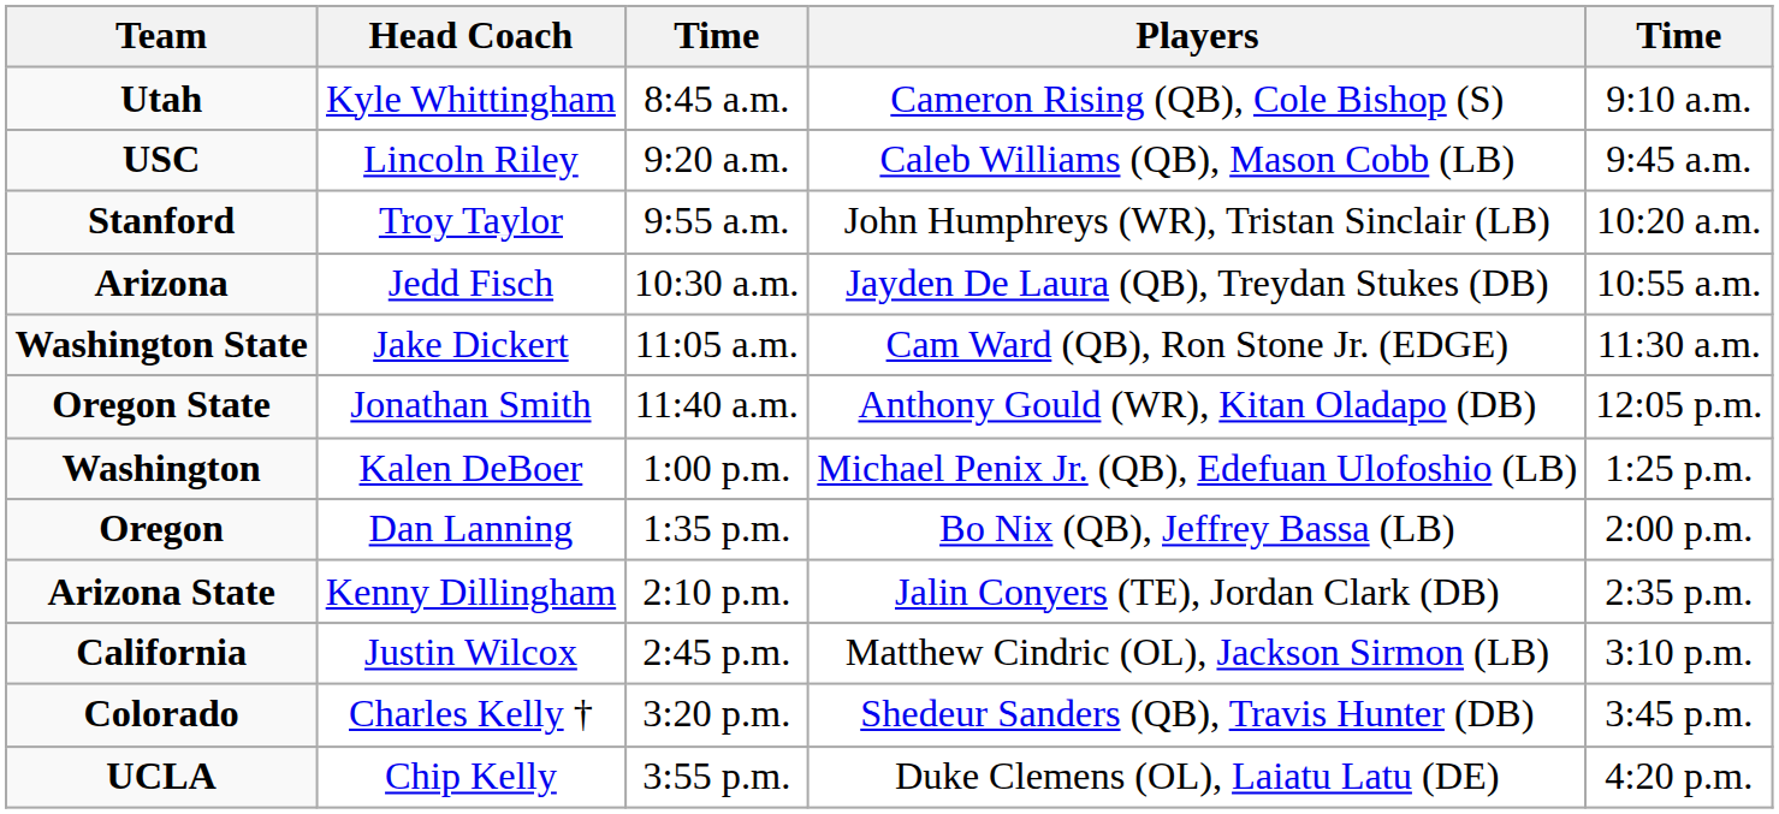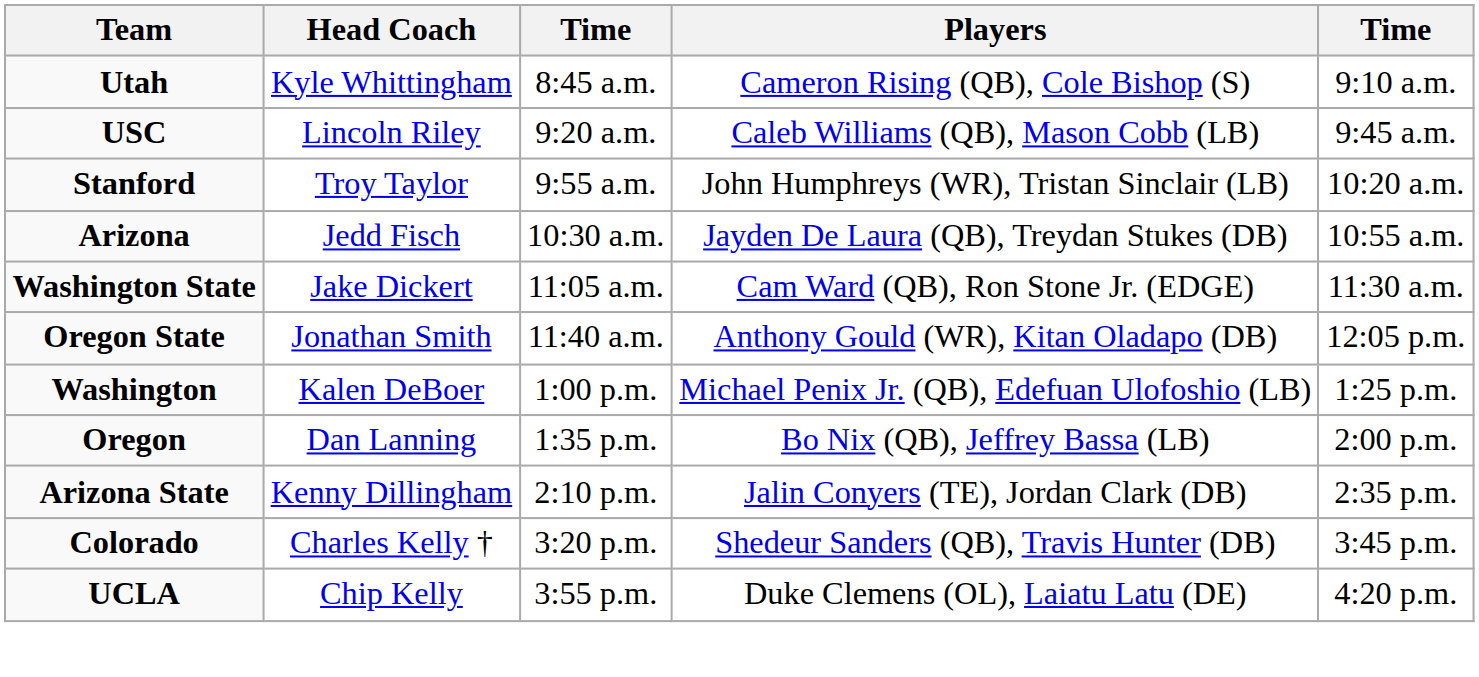 <table class="wikitable">
 <tr>
 <th>Team</th>
 <th>Head Coach</th>
 <th>Time</th>
 <th>Players</th>
 <th>Time</th>
 </tr>
 <tr style="text-align:center;">
 <td><strong>Utah</strong></td>
 <td style="text-align:center; background:white"><a href='#'>Kyle Whittingham</a></td>
 <td style="text-align:center; background:white">8:45 a.m.</td>
 <td style="text-align:center; background:white"><a href='#'>Cameron Rising</a> (QB), <a href='#'>Cole Bishop</a> (S)</td>
 <td style="text-align:center; background:white">9:10 a.m.</td>
 </tr>
 <tr style="text-align:center;">
 <td><strong>USC</strong></td>
 <td style="text-align:center; background:white"><a href='#'>Lincoln Riley</a></td>
 <td style="text-align:center; background:white">9:20 a.m.</td>
 <td style="text-align:center; background:white"><a href='#'>Caleb Williams</a> (QB), <a href='#'>Mason Cobb</a> (LB)</td>
 <td style="text-align:center; background:white">9:45 a.m.</td>
 </tr>
 <tr style="text-align:center;">
 <td><strong>Stanford</strong></td>
 <td style="text-align:center; background:white"><a href='#'>Troy Taylor</a></td>
 <td style="text-align:center; background:white">9:55 a.m.</td>
 <td style="text-align:center; background:white">John Humphreys (WR), Tristan Sinclair (LB)</td>
 <td style="text-align:center; background:white">10:20 a.m.</td>
 </tr>
 <tr style="text-align:center;">
 <td><strong>Arizona</strong></td>
 <td style="text-align:center; background:white"><a href='#'>Jedd Fisch</a></td>
 <td style="text-align:center; background:white">10:30 a.m.</td>
 <td style="text-align:center; background:white"><a href='#'>Jayden De Laura</a> (QB), Treydan Stukes (DB)</td>
 <td style="text-align:center; background:white">10:55 a.m.</td>
 </tr>
 <tr style="text-align:center;">
 <td><strong>Washington State</strong></td>
 <td style="text-align:center; background:white"><a href='#'>Jake Dickert</a></td>
 <td style="text-align:center; background:white">11:05 a.m.</td>
 <td style="text-align:center; background:white"><a href='#'>Cam Ward</a> (QB), Ron Stone Jr. (EDGE)</td>
 <td style="text-align:center; background:white">11:30 a.m.</td>
 </tr>
 <tr style="text-align:center;">
 <td><strong>Oregon State</strong></td>
 <td style="text-align:center; background:white"><a href='#'>Jonathan Smith</a></td>
 <td style="text-align:center; background:white">11:40 a.m.</td>
 <td style="text-align:center; background:white"><a href='#'>Anthony Gould</a> (WR), <a href='#'>Kitan Oladapo</a> (DB)</td>
 <td style="text-align:center; background:white">12:05 p.m.</td>
 </tr>
 <tr style="text-align:center;">
 <td><strong>Washington</strong></td>
 <td style="text-align:center; background:white"><a href='#'>Kalen DeBoer</a></td>
 <td style="text-align:center; background:white">1:00 p.m.</td>
 <td style="text-align:center; background:white"><a href='#'>Michael Penix Jr.</a> (QB), <a href='#'>Edefuan Ulofoshio</a> (LB)</td>
 <td style="text-align:center; background:white">1:25 p.m.</td>
 </tr>
 <tr style="text-align:center;">
 <td><strong>Oregon</strong></td>
 <td style="text-align:center; background:white"><a href='#'>Dan Lanning</a></td>
 <td style="text-align:center; background:white">1:35 p.m.</td>
 <td style="text-align:center; background:white"><a href='#'>Bo Nix</a> (QB), <a href='#'>Jeffrey Bassa</a> (LB)</td>
 <td style="text-align:center; background:white">2:00 p.m.</td>
 </tr>
 <tr style="text-align:center;">
 <td><strong>Arizona State</strong></td>
 <td style="text-align:center; background:white"><a href='#'>Kenny Dillingham</a></td>
 <td style="text-align:center; background:white">2:10 p.m.</td>
 <td style="text-align:center; background:white"><a href='#'>Jalin Conyers</a> (TE), Jordan Clark (DB)</td>
 <td style="text-align:center; background:white">2:35 p.m.</td>
 </tr>
 <tr style="text-align:center;">
-<td><strong>California</strong></td>
-<td style="text-align:center; background:white"><a href='#'>Justin Wilcox</a></td>
-<td style="text-align:center; background:white">2:45 p.m.</td>
-<td style="text-align:center; background:white">Matthew Cindric (OL), <a href='#'>Jackson Sirmon</a> (LB)</td>
-<td style="text-align:center; background:white">3:10 p.m.</td>
-</tr>
-<tr style="text-align:center;">
 <td><strong>Colorado</strong></td>
 <td style="text-align:center; background:white"><a href='#'>Charles Kelly</a> †</td>
 <td style="text-align:center; background:white">3:20 p.m.</td>
 <td style="text-align:center; background:white"><a href='#'>Shedeur Sanders</a> (QB), <a href='#'>Travis Hunter</a> (DB)</td>
 <td style="text-align:center; background:white">3:45 p.m.</td>
 </tr>
 <tr style="text-align:center;">
 <td><strong>UCLA</strong></td>
 <td style="text-align:center; background:white"><a href='#'>Chip Kelly</a></td>
 <td style="text-align:center; background:white">3:55 p.m.</td>
 <td style="text-align:center; background:white">Duke Clemens (OL), <a href='#'>Laiatu Latu</a> (DE)</td>
 <td style="text-align:center; background:white">4:20 p.m.</td>
 </tr>
 </table>
